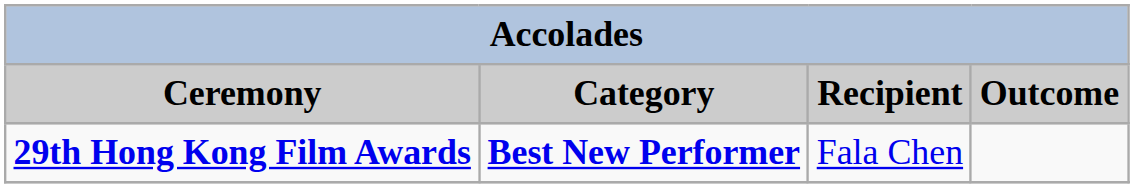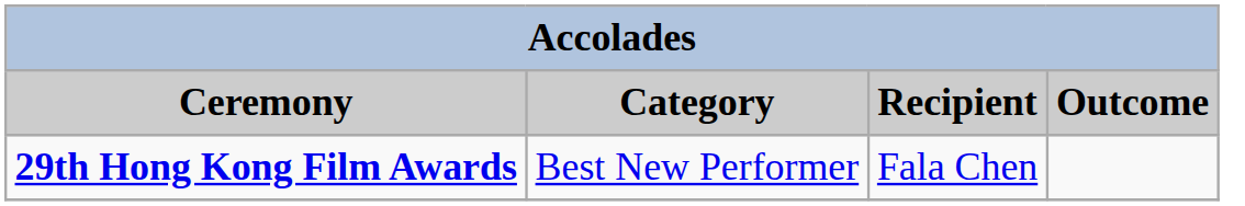 <table class="wikitable" style="font-size:95%;" ;>
 <tr style="background:#ccc; text-align:center;">
 <th colspan="4" style="background: LightSteelBlue;">Accolades</th>
 </tr>
 <tr style="background:#ccc; text-align:center;">
 <th style="background:#ccc">Ceremony</th>
 <th style="background:#ccc">Category</th>
 <th style="background:#ccc">Recipient</th>
 <th style="background:#ccc">Outcome</th>
 </tr>
 <tr>
 <td><strong><a href='#'>29th Hong Kong Film Awards</a></strong></td>
-<td><strong><a href='#'>Best New Performer</a></strong></td>
+<td><a href='#'>Best New Performer</a></td>
 <td><a href='#'>Fala Chen</a></td>
 <td></td>
 </tr>
 <tr>
 </tr>
 </table>
